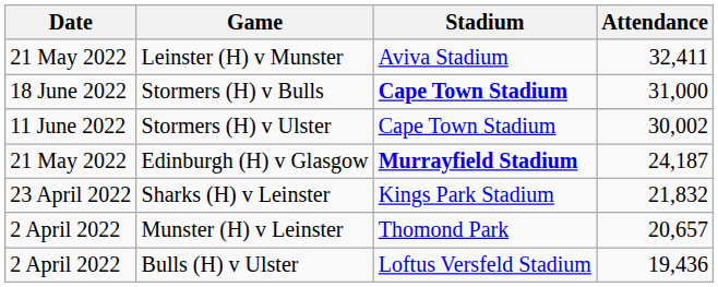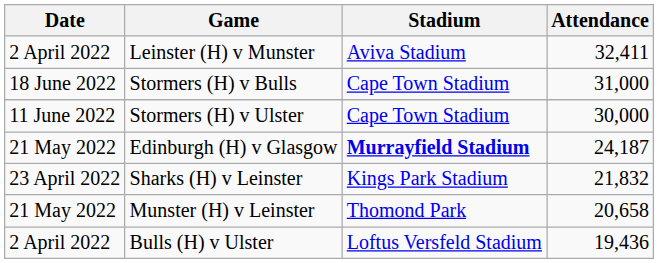 <table class="wikitable sortable" style="text-align:left">
 <tr>
 <th>Date</th>
 <th>Game</th>
 <th>Stadium</th>
 <th>Attendance</th>
 </tr>
 <tr>
-<td>21 May 2022</td>
+<td>2 April 2022</td>
 <td>Leinster (H) v Munster</td>
 <td><a href='#'>Aviva Stadium</a></td>
 <td style="text-align:right">32,411</td>
 </tr>
 <tr>
 <td>18 June 2022</td>
 <td>Stormers (H) v Bulls</td>
-<td><strong><a href='#'>Cape Town Stadium</a></strong></td>
+<td><a href='#'>Cape Town Stadium</a></td>
 <td style="text-align:right">31,000</td>
 </tr>
 <tr>
 </tr>
 <tr>
 <td>11 June 2022</td>
 <td>Stormers (H) v Ulster</td>
 <td><a href='#'>Cape Town Stadium</a></td>
-<td style="text-align:right">30,002</td>
+<td style="text-align:right">30,000</td>
 </tr>
 <tr>
 <td>21 May 2022</td>
 <td>Edinburgh (H) v Glasgow</td>
 <td><strong><a href='#'>Murrayfield Stadium</a></strong></td>
 <td style="text-align:right">24,187</td>
 </tr>
 <tr>
 <td>23 April 2022</td>
 <td>Sharks (H) v Leinster</td>
 <td><a href='#'>Kings Park Stadium</a></td>
 <td style="text-align:right">21,832</td>
 </tr>
 <tr>
-<td>2 April 2022</td>
+<td>21 May 2022</td>
 <td>Munster (H) v Leinster</td>
 <td><a href='#'>Thomond Park</a></td>
-<td style="text-align:right">20,657</td>
+<td style="text-align:right">20,658</td>
 </tr>
 <tr>
 <td>2 April 2022</td>
 <td>Bulls (H) v Ulster</td>
 <td><a href='#'>Loftus Versfeld Stadium</a></td>
 <td style="text-align:right">19,436</td>
 </tr>
 </table>
